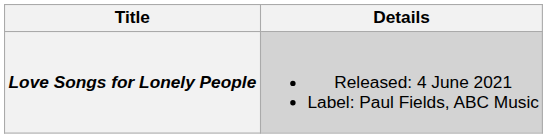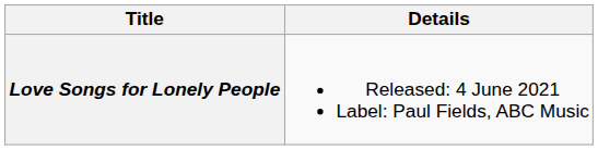 <table class="wikitable plainrowheaders" style="text-align:center;">
 <tr>
 <th>Title</th>
 <th>Details</th>
 </tr>
 <tr>
 <th scope="row"><em>Love Songs for Lonely People</em></th>
-<td style="background: lightgrey;"><br><ul><li>Released: 4 June 2021</li><li>Label: Paul Fields, ABC Music</li></ul></td>
+<td><br><ul><li>Released: 4 June 2021</li><li>Label: Paul Fields, ABC Music</li></ul></td>
 </tr>
 </table>
